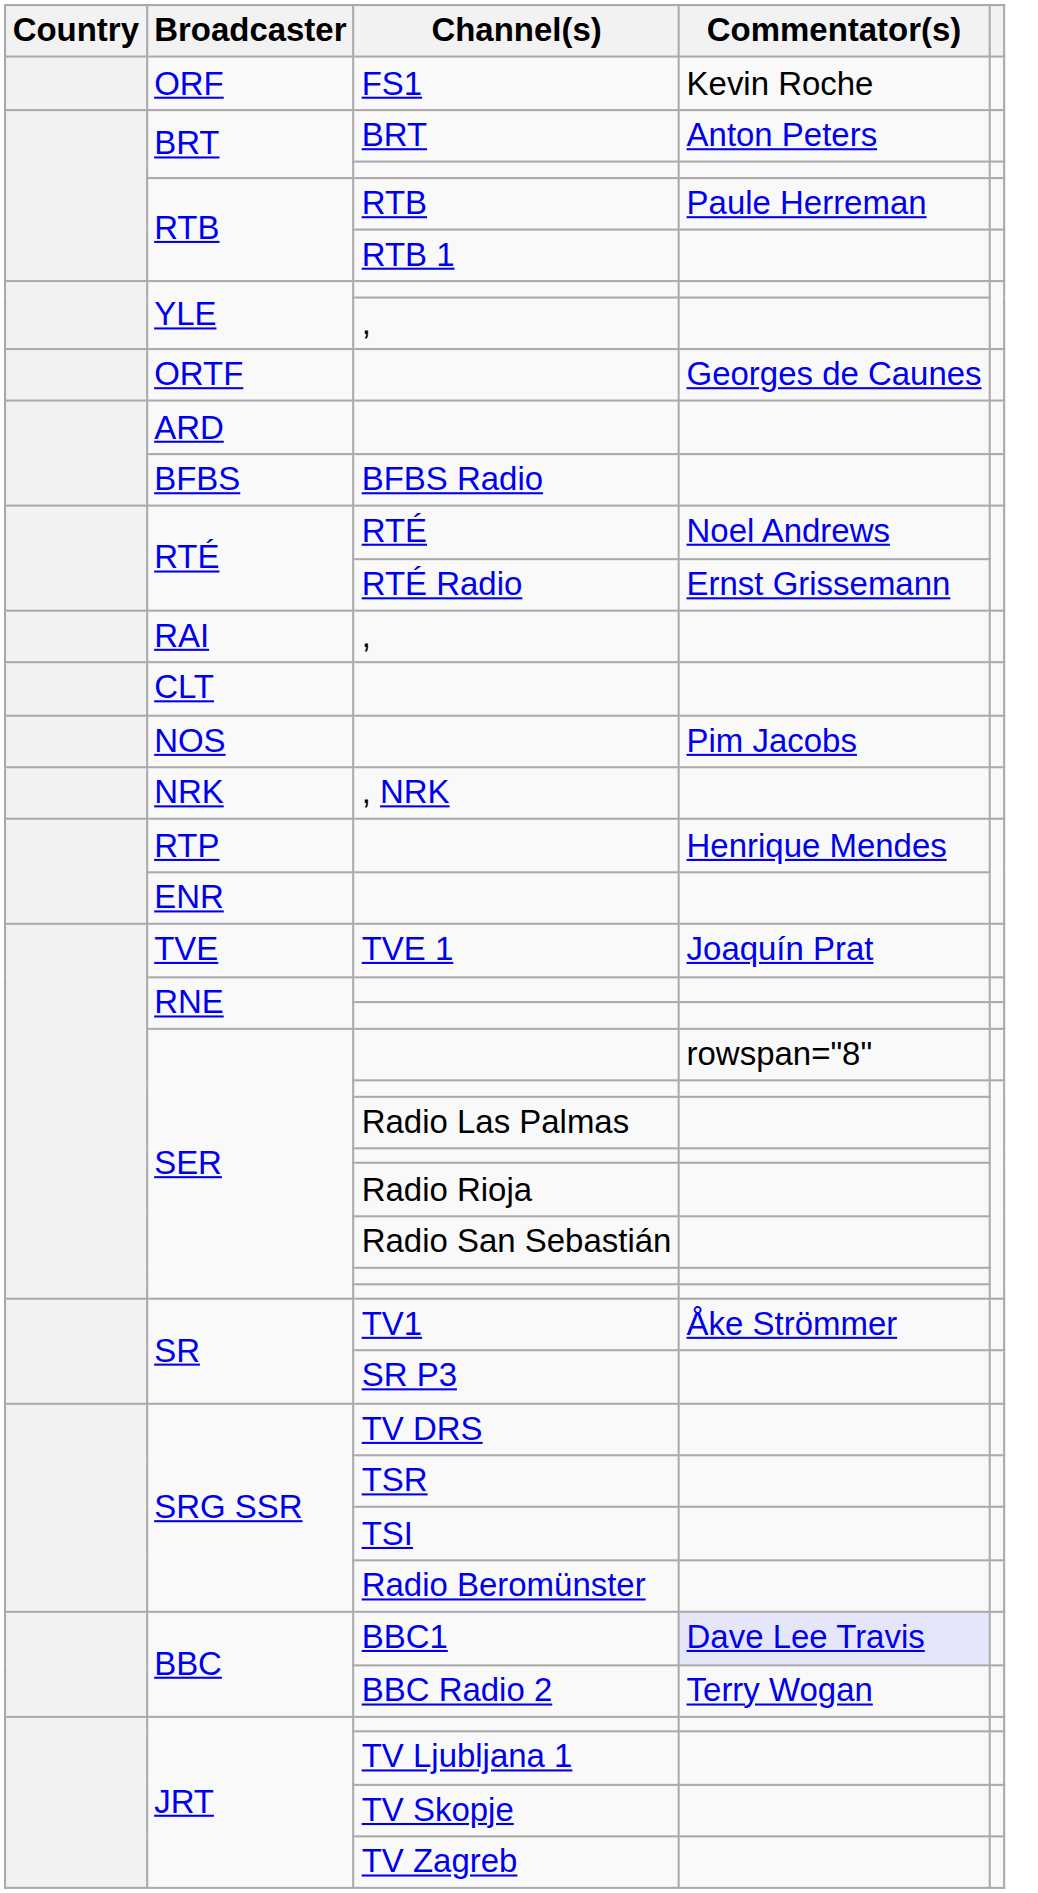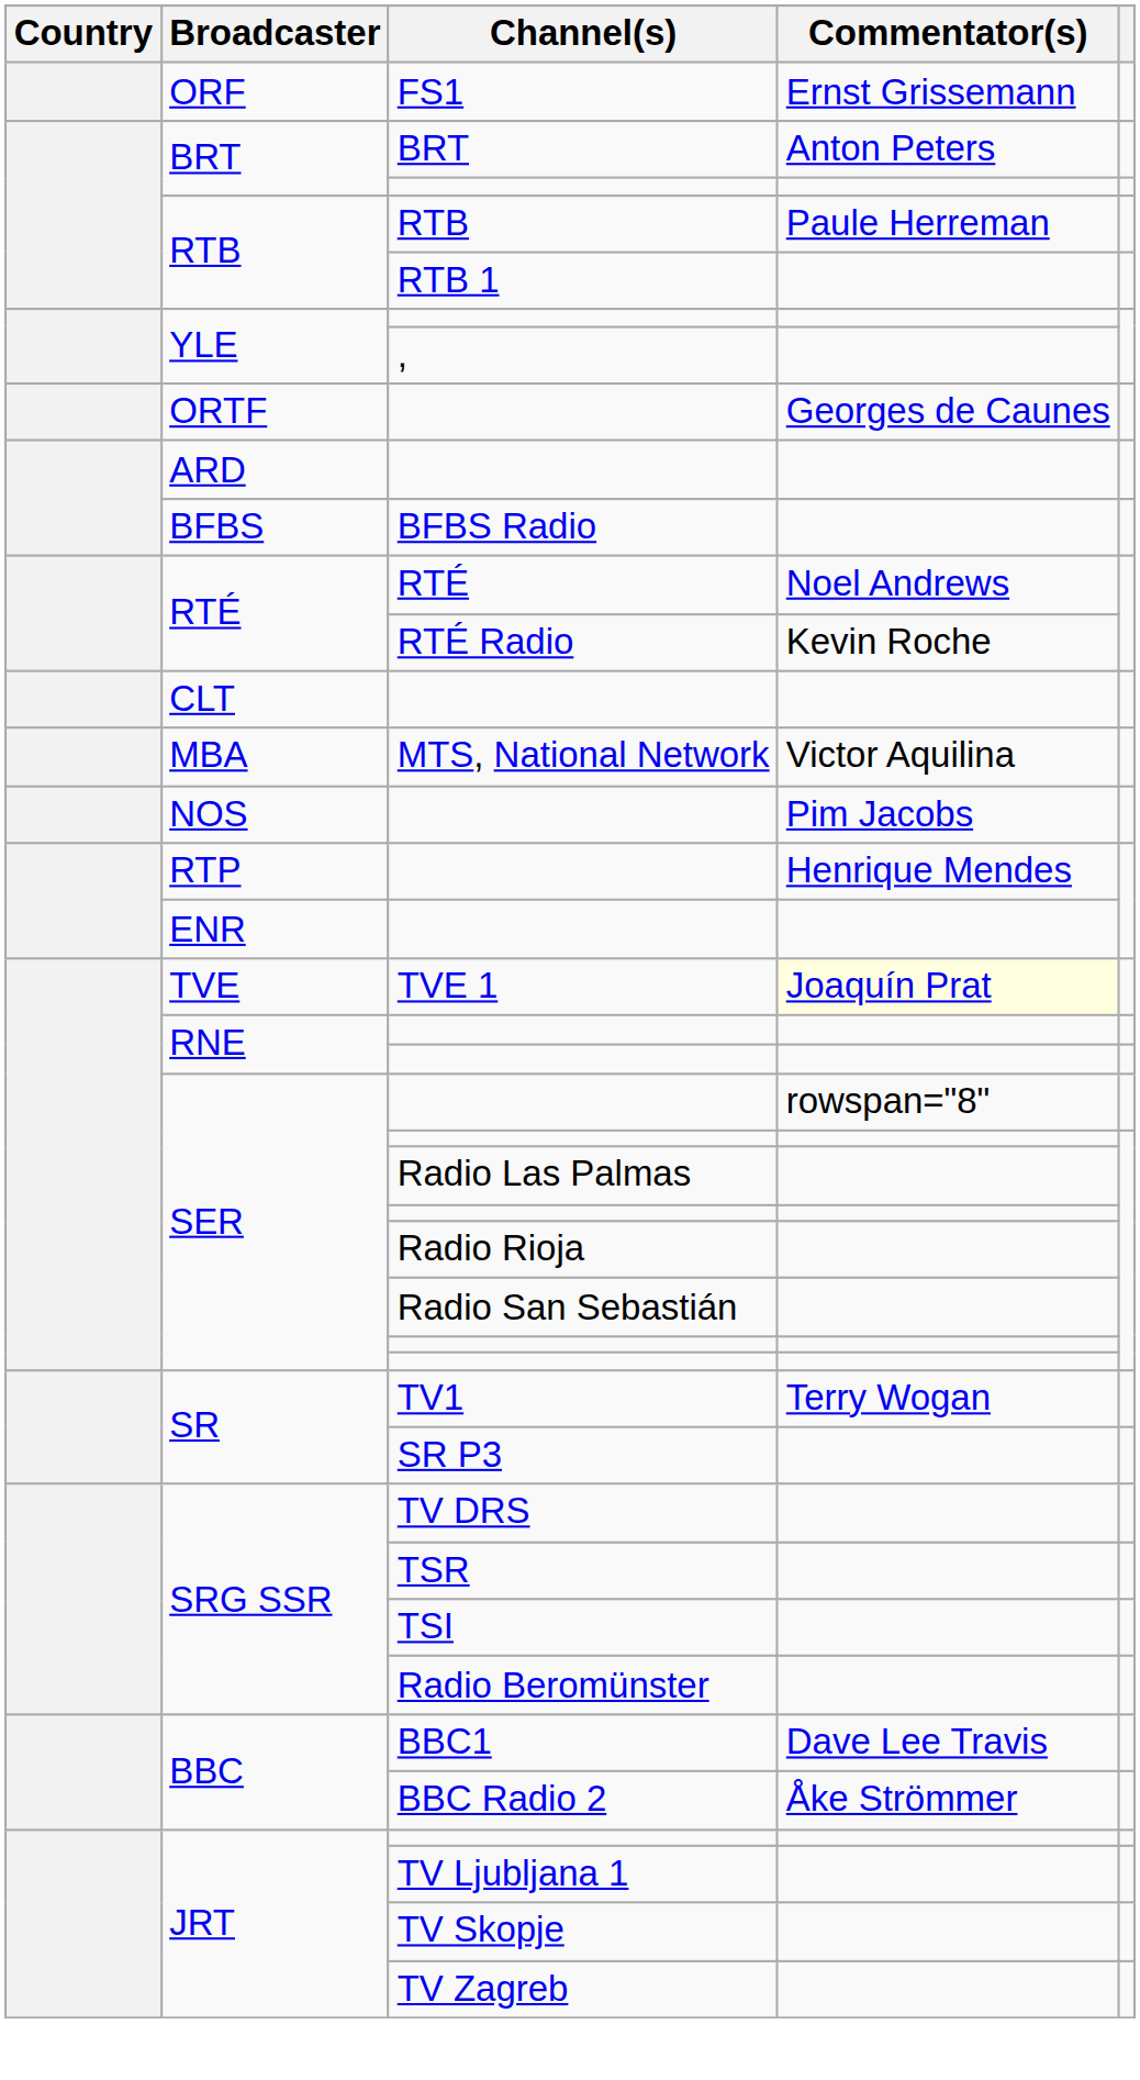 <table class="wikitable plainrowheaders">
 <tr>
 </tr>
 <tr>
 <th scope="col">Country</th>
 <th scope="col">Broadcaster</th>
 <th scope="col">Channel(s)</th>
 <th scope="col">Commentator(s)</th>
 <th scope="col"></th>
 </tr>
 <tr>
 <th scope="row"></th>
 <td><a href='#'>ORF</a></td>
 <td><a href='#'>FS1</a></td>
-<td>Kevin Roche</td>
+<td><a href='#'>Ernst Grissemann</a></td>
 <td style="text-align:center"></td>
 </tr>
 <tr>
 <th scope="rowgroup" rowspan="4"></th>
 <td rowspan="2"><a href='#'>BRT</a></td>
 <td><a href='#'>BRT</a></td>
 <td><a href='#'>Anton Peters</a></td>
 <td style="text-align:center"></td>
 </tr>
 <tr>
 <td></td>
 <td></td>
 <td style="text-align:center"></td>
 </tr>
 <tr>
 <td rowspan="2"><a href='#'>RTB</a></td>
 <td><a href='#'>RTB</a></td>
 <td><a href='#'>Paule Herreman</a></td>
 <td style="text-align:center"></td>
 </tr>
 <tr>
 <td><a href='#'>RTB 1</a></td>
 <td></td>
 <td style="text-align:center"></td>
 </tr>
 <tr>
 <th scope="rowgroup" rowspan="2"></th>
 <td rowspan="2"><a href='#'>YLE</a></td>
 <td></td>
 <td></td>
 <td style="text-align:center" rowspan="2"></td>
 </tr>
 <tr>
 <td>, </td>
 <td></td>
 </tr>
 <tr>
 <th scope="row"></th>
 <td><a href='#'>ORTF</a></td>
 <td></td>
 <td><a href='#'>Georges de Caunes</a></td>
 <td style="text-align:center"></td>
 </tr>
 <tr>
 <th scope="rowgroup" rowspan="2"></th>
 <td><a href='#'>ARD</a></td>
 <td></td>
 <td></td>
 <td style="text-align:center"></td>
 </tr>
 <tr>
 <td><a href='#'>BFBS</a></td>
 <td><a href='#'>BFBS Radio</a></td>
 <td></td>
 <td style="text-align:center"></td>
 </tr>
 <tr>
 <th scope="rowgroup" rowspan="2"></th>
 <td rowspan="2"><a href='#'>RTÉ</a></td>
 <td><a href='#'>RTÉ</a></td>
 <td><a href='#'>Noel Andrews</a></td>
 <td style="text-align:center" rowspan="2"></td>
 </tr>
 <tr>
 <td><a href='#'>RTÉ Radio</a></td>
-<td><a href='#'>Ernst Grissemann</a></td>
-</tr>
-<tr>
-<th scope="row"></th>
-<td><a href='#'>RAI</a></td>
-<td>, </td>
-<td></td>
-<td style="text-align:center"></td>
+<td>Kevin Roche</td>
 </tr>
 <tr>
 <th scope="row"></th>
 <td><a href='#'>CLT</a></td>
 <td></td>
 <td></td>
 <td style="text-align:center"></td>
 </tr>
 <tr>
 <th scope="row"></th>
-<td><a href='#'>NOS</a></td>
-<td></td>
-<td><a href='#'>Pim Jacobs</a></td>
+<td><a href='#'>MBA</a></td>
+<td><a href='#'>MTS</a>, <a href='#'>National Network</a></td>
+<td>Victor Aquilina</td>
 <td style="text-align:center"></td>
 </tr>
 <tr>
 <th scope="row"></th>
-<td><a href='#'>NRK</a></td>
-<td>, <a href='#'>NRK</a></td>
+<td><a href='#'>NOS</a></td>
 <td></td>
+<td><a href='#'>Pim Jacobs</a></td>
 <td style="text-align:center"></td>
 </tr>
 <tr>
 <th scope="rowgroup" rowspan="2"></th>
 <td><a href='#'>RTP</a></td>
 <td></td>
 <td><a href='#'>Henrique Mendes</a></td>
 <td style="text-align:center" rowspan="2"></td>
 </tr>
 <tr>
 <td><a href='#'>ENR</a></td>
 <td></td>
 <td></td>
 </tr>
 <tr>
 <th scope="rowgroup" rowspan="11"></th>
 <td><a href='#'>TVE</a></td>
 <td><a href='#'>TVE 1</a></td>
-<td><a href='#'>Joaquín Prat</a></td>
+<td style="background: lightyellow;"><a href='#'>Joaquín Prat</a></td>
 <td style="text-align:center"></td>
 </tr>
 <tr>
 <td rowspan="2"><a href='#'>RNE</a></td>
 <td></td>
 <td></td>
 <td style="text-align:center"></td>
 </tr>
 <tr>
 <td></td>
 <td></td>
 <td style="text-align:center"></td>
 </tr>
 <tr>
 <td rowspan="8"><a href='#'>SER</a></td>
 <td></td>
 <td>rowspan="8" </td>
 <td style="text-align:center"></td>
 </tr>
 <tr>
 <td></td>
 <td style="text-align:center"></td>
 </tr>
 <tr>
 <td>Radio Las Palmas</td>
 <td style="text-align:center"></td>
 </tr>
 <tr>
 <td></td>
 <td style="text-align:center"></td>
 </tr>
 <tr>
 <td>Radio Rioja</td>
 <td style="text-align:center"></td>
 </tr>
 <tr>
 <td>Radio San Sebastián</td>
 <td style="text-align:center"></td>
 </tr>
 <tr>
 <td></td>
 <td style="text-align:center"></td>
 </tr>
 <tr>
 <td></td>
 <td style="text-align:center"></td>
 </tr>
 <tr>
 <th scope="rowgroup" rowspan="2"></th>
 <td rowspan="2"><a href='#'>SR</a></td>
 <td><a href='#'>TV1</a></td>
-<td><a href='#'>Åke Strömmer</a></td>
+<td><a href='#'>Terry Wogan</a></td>
 <td style="text-align:center"></td>
 </tr>
 <tr>
 <td><a href='#'>SR P3</a></td>
 <td></td>
 <td style="text-align:center"></td>
 </tr>
 <tr>
 <th scope="rowgroup" rowspan="4"></th>
 <td rowspan="4"><a href='#'>SRG SSR</a></td>
 <td><a href='#'>TV DRS</a></td>
 <td></td>
 <td style="text-align:center"></td>
 </tr>
 <tr>
 <td><a href='#'>TSR</a></td>
 <td></td>
 <td style="text-align:center"></td>
 </tr>
 <tr>
 <td><a href='#'>TSI</a></td>
 <td></td>
 <td style="text-align:center"></td>
 </tr>
 <tr>
 <td><a href='#'>Radio Beromünster</a></td>
 <td></td>
 <td style="text-align:center"></td>
 </tr>
 <tr>
 <th scope="rowgroup" rowspan="2"></th>
 <td rowspan="2"><a href='#'>BBC</a></td>
 <td><a href='#'>BBC1</a></td>
-<td style="background: lavender;"><a href='#'>Dave Lee Travis</a></td>
+<td><a href='#'>Dave Lee Travis</a></td>
 <td style="text-align:center"></td>
 </tr>
 <tr>
 <td><a href='#'>BBC Radio 2</a></td>
-<td><a href='#'>Terry Wogan</a></td>
+<td><a href='#'>Åke Strömmer</a></td>
 <td style="text-align:center"></td>
 </tr>
 <tr>
 <th scope="rowgroup" rowspan="4"></th>
 <td rowspan="4"><a href='#'>JRT</a></td>
 <td></td>
 <td></td>
 <td style="text-align:center"></td>
 </tr>
 <tr>
 <td><a href='#'>TV Ljubljana 1</a></td>
 <td></td>
 <td style="text-align:center"></td>
 </tr>
 <tr>
 <td><a href='#'>TV Skopje</a></td>
 <td></td>
 <td style="text-align:center"></td>
 </tr>
 <tr>
 <td><a href='#'>TV Zagreb</a></td>
 <td></td>
 <td style="text-align:center"></td>
 </tr>
 </table>
